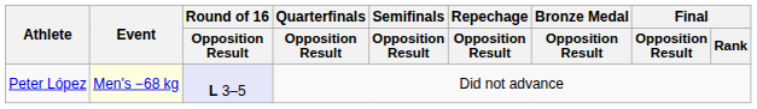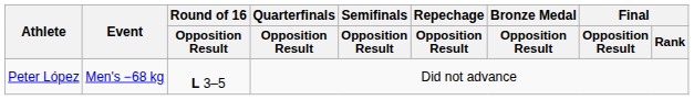 <table class="wikitable" style="font-size:90%">
 <tr>
 <th rowspan="2">Athlete</th>
 <th rowspan="2">Event</th>
 <th>Round of 16</th>
 <th>Quarterfinals</th>
 <th>Semifinals</th>
 <th>Repechage</th>
 <th>Bronze Medal</th>
 <th colspan=2>Final</th>
 </tr>
 <tr style="font-size:95%">
 <th>Opposition<br>Result</th>
 <th>Opposition<br>Result</th>
 <th>Opposition<br>Result</th>
 <th>Opposition<br>Result</th>
 <th>Opposition<br>Result</th>
 <th>Opposition<br>Result</th>
 <th>Rank</th>
 </tr>
 <tr align=center>
 <td align=left><a href='#'>Peter López</a></td>
-<td align=left style="background: lightyellow;"><a href='#'>Men's −68 kg</a></td>
-<td style="background: lavender;"><br><strong>L</strong> 3–5</td>
+<td align=left><a href='#'>Men's −68 kg</a></td>
+<td><br><strong>L</strong> 3–5</td>
 <td colspan=6>Did not advance</td>
 </tr>
 </table>
